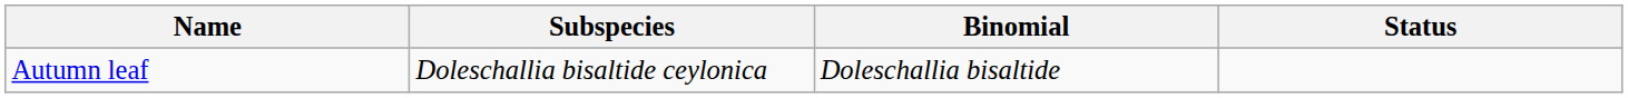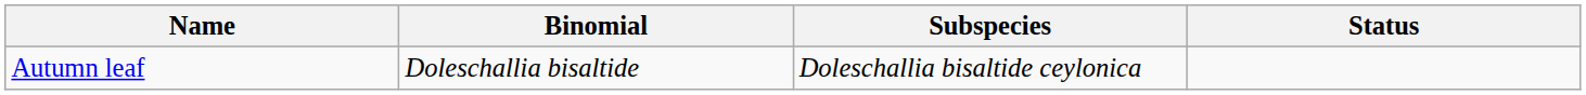 <table width=60% class="wikitable">
 <tr>
 <th width=20%>Name</th>
+<th width=20%>Binomial</th>
 <th width=20%>Subspecies</th>
-<th width=20%>Binomial</th>
 <th width=20%>Status</th>
 </tr>
 <tr>
 <td><a href='#'>Autumn leaf</a><br> </td>
+<td><em>Doleschallia bisaltide</em></td>
 <td><em>Doleschallia bisaltide ceylonica</em></td>
-<td><em>Doleschallia bisaltide</em></td>
 <td></td>
 </tr>
 </table>
